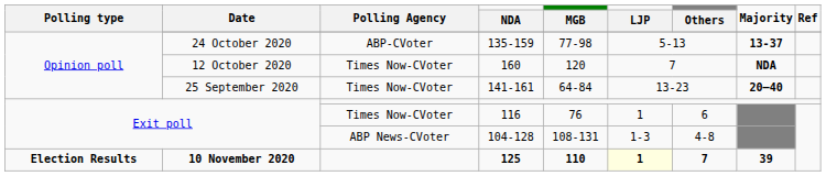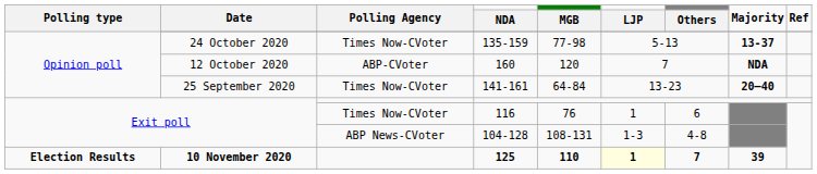 <table class="wikitable sortable" style="text-align:center; line-height:20px">
 <tr>
 <th rowspan="2" class="wikitable" style="width:180px;">Polling type</th>
 <th rowspan="2" class="wikitable" style="width:180px;">Date</th>
 <th rowspan="2" class="wikitable" style="width:180px;">Polling Agency</th>
 <td></td>
 <td bgcolor=#008000></td>
 <td></td>
 <td style="background:gray;"></td>
 <td rowspan="2"><strong>Majority</strong></td>
 <td rowspan="2"><strong>Ref</strong></td>
 </tr>
 <tr>
 <th class="wikitable" style="width:70px;">NDA</th>
 <th class="wikitable" style="width:70px;">MGB</th>
 <th class="wikitable" style="width:70px;">LJP</th>
 <th class="wikitable" style="width:70px;">Others</th>
 </tr>
 <tr>
 <td rowspan="4"><a href='#'>Opinion poll</a></td>
 </tr>
 <tr>
 <td>24 October 2020</td>
-<td>ABP-CVoter</td>
+<td>Times Now-CVoter</td>
 <td>135-159</td>
 <td>77-98</td>
 <td colspan="2">5-13</td>
 <td style="background:"><span><strong>13-37</strong></span></td>
 <td></td>
 </tr>
 <tr>
 <td>12 October 2020</td>
-<td>Times Now-CVoter</td>
+<td>ABP-CVoter</td>
 <td>160</td>
 <td>120</td>
 <td Colspan=2>7</td>
 <td style="background:"><span><strong>NDA</strong></span></td>
 <td></td>
 </tr>
 <tr>
 <td>25 September 2020</td>
 <td>Times Now-CVoter</td>
 <td>141-161</td>
 <td>64-84</td>
 <td Colspan=2>13-23</td>
 <td style="background:"><span><strong>20–40</strong></span></td>
 <td></td>
 </tr>
 <tr>
 <td colspan="2" rowspan="3"><a href='#'>Exit poll</a></td>
 <td></td>
 </tr>
 <tr>
 <td>Times Now-CVoter</td>
 <td>116</td>
 <td>76</td>
 <td>1</td>
 <td>6</td>
 <td style="background: grey; color:white"></td>
 <td rowspan="4"></td>
 </tr>
 <tr>
 <td>ABP News-CVoter</td>
 <td>104-128</td>
 <td>108-131</td>
 <td>1-3</td>
 <td>4-8</td>
 <td style="background: grey; color:white"></td>
 </tr>
 <tr>
 <td><strong>Election Results</strong></td>
 <td><strong>10 November 2020</strong></td>
 <td></td>
 <td><strong>125</strong></td>
 <td><strong>110</strong></td>
 <td style="background: lightyellow;"><strong>1</strong></td>
 <td><strong>7</strong></td>
 <td style="background:"><span><strong>39</strong></span></td>
 </tr>
 </table>
